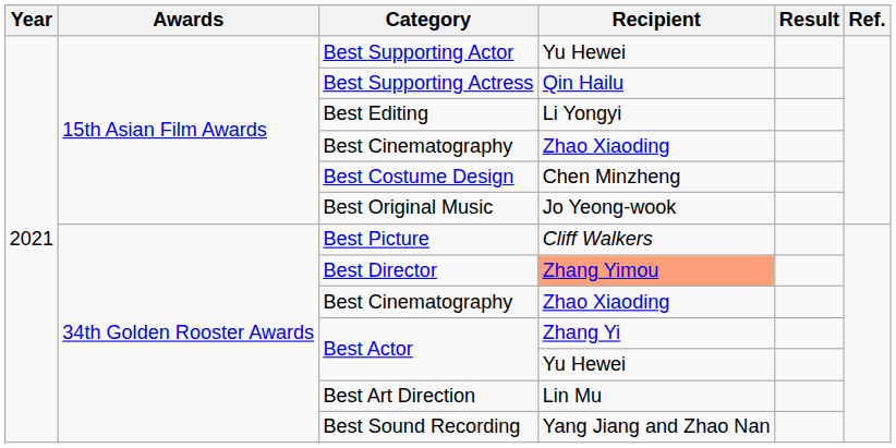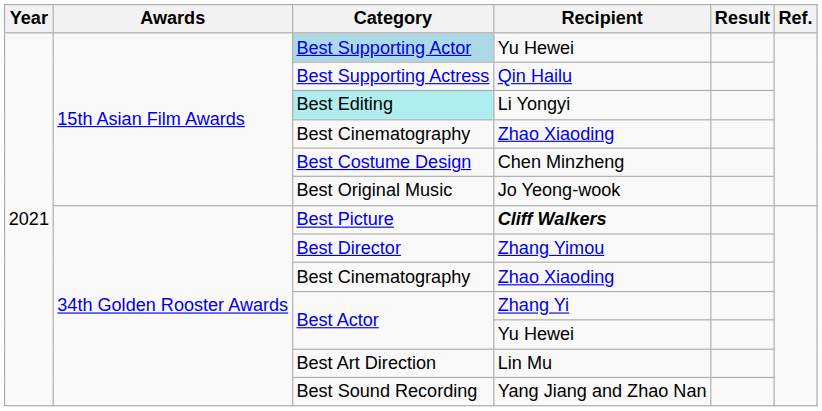 <table class="wikitable">
 <tr>
 <th>Year</th>
 <th>Awards</th>
 <th>Category</th>
 <th>Recipient</th>
 <th>Result</th>
 <th>Ref.</th>
 </tr>
 <tr>
 <td rowspan="13">2021</td>
 <td rowspan="6"><a href='#'>15th Asian Film Awards</a></td>
-<td><a href='#'>Best Supporting Actor</a></td>
+<td style="background: lightblue;"><a href='#'>Best Supporting Actor</a></td>
 <td>Yu Hewei</td>
 <td></td>
 <td rowspan="6" style="text-align:center"></td>
 </tr>
 <tr>
 <td><a href='#'>Best Supporting Actress</a></td>
 <td><a href='#'>Qin Hailu</a></td>
 <td></td>
 </tr>
 <tr>
-<td>Best Editing</td>
+<td style="background: paleturquoise;">Best Editing</td>
 <td>Li Yongyi</td>
 <td></td>
 </tr>
 <tr>
 <td>Best Cinematography</td>
 <td><a href='#'>Zhao Xiaoding</a></td>
 <td></td>
 </tr>
 <tr>
 <td><a href='#'>Best Costume Design</a></td>
 <td>Chen Minzheng</td>
 <td></td>
 </tr>
 <tr>
 <td>Best Original Music</td>
 <td>Jo Yeong-wook</td>
 <td></td>
 </tr>
 <tr>
 <td rowspan="7"><a href='#'>34th Golden Rooster Awards</a></td>
 <td><a href='#'>Best Picture</a></td>
-<td><em>Cliff Walkers</em></td>
+<td><strong><em>Cliff Walkers</em></strong></td>
 <td></td>
 <td rowspan="7"></td>
 </tr>
 <tr>
 <td><a href='#'>Best Director</a></td>
-<td style="background: lightsalmon;"><a href='#'>Zhang Yimou</a></td>
+<td><a href='#'>Zhang Yimou</a></td>
 <td></td>
 </tr>
 <tr>
 <td>Best Cinematography</td>
 <td><a href='#'>Zhao Xiaoding</a></td>
 <td></td>
 </tr>
 <tr>
 <td rowspan="2"><a href='#'>Best Actor</a></td>
 <td><a href='#'>Zhang Yi</a></td>
 <td></td>
 </tr>
 <tr>
 <td>Yu Hewei</td>
 <td></td>
 </tr>
 <tr>
 <td>Best Art Direction</td>
 <td>Lin Mu</td>
 <td></td>
 </tr>
 <tr>
 <td>Best Sound Recording</td>
 <td>Yang Jiang and Zhao Nan</td>
 <td></td>
 </tr>
 </table>
